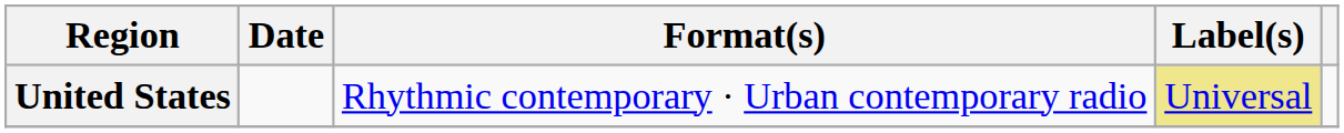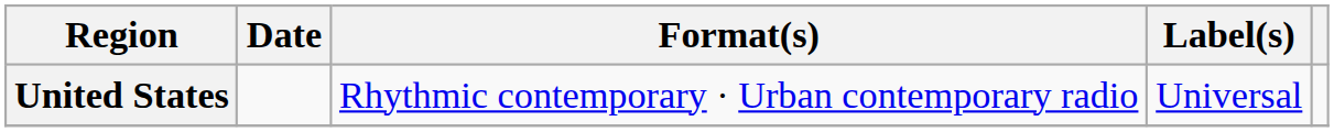 <table class="wikitable plainrowheaders" style="text-align:left">
 <tr>
 <th scope="col">Region</th>
 <th scope="col">Date</th>
 <th scope="col">Format(s)</th>
 <th scope="col">Label(s)</th>
 <th scope="col"></th>
 </tr>
 <tr>
 <th scope="row">United States</th>
 <td></td>
 <td><a href='#'>Rhythmic contemporary</a> · <a href='#'>Urban contemporary radio</a></td>
-<td style="background: khaki;"><a href='#'>Universal</a></td>
+<td><a href='#'>Universal</a></td>
 <td></td>
 </tr>
 <tr>
 </tr>
 </table>
